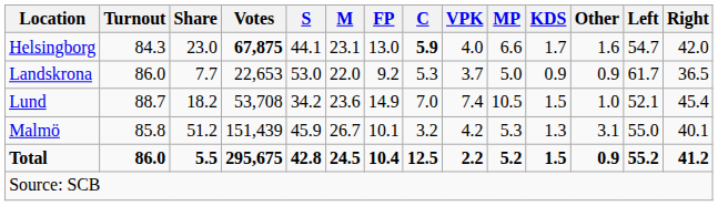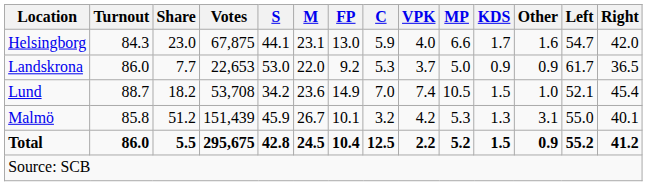 <table class="wikitable sortable" style=text-align:right>
 <tr>
 <th>Location</th>
 <th>Turnout</th>
 <th>Share</th>
 <th>Votes</th>
 <th><a href='#'>S</a></th>
 <th><a href='#'>M</a></th>
 <th><a href='#'>FP</a></th>
 <th><a href='#'>C</a></th>
 <th><a href='#'>VPK</a></th>
 <th><a href='#'>MP</a></th>
 <th><a href='#'>KDS</a></th>
 <th>Other</th>
 <th>Left</th>
 <th>Right</th>
 </tr>
 <tr>
 <td align=left><a href='#'>Helsingborg</a></td>
 <td>84.3</td>
 <td>23.0</td>
-<td><strong>67,875</strong></td>
+<td>67,875</td>
 <td>44.1</td>
 <td>23.1</td>
 <td>13.0</td>
-<td><strong>5.9</strong></td>
+<td>5.9</td>
 <td>4.0</td>
 <td>6.6</td>
 <td>1.7</td>
 <td>1.6</td>
 <td>54.7</td>
 <td>42.0</td>
 </tr>
 <tr>
 <td align=left><a href='#'>Landskrona</a></td>
 <td>86.0</td>
 <td>7.7</td>
 <td>22,653</td>
 <td>53.0</td>
 <td>22.0</td>
 <td>9.2</td>
 <td>5.3</td>
 <td>3.7</td>
 <td>5.0</td>
 <td>0.9</td>
 <td>0.9</td>
 <td>61.7</td>
 <td>36.5</td>
 </tr>
 <tr>
 <td align=left><a href='#'>Lund</a></td>
 <td>88.7</td>
 <td>18.2</td>
 <td>53,708</td>
 <td>34.2</td>
 <td>23.6</td>
 <td>14.9</td>
 <td>7.0</td>
 <td>7.4</td>
 <td>10.5</td>
 <td>1.5</td>
 <td>1.0</td>
 <td>52.1</td>
 <td>45.4</td>
 </tr>
 <tr>
 <td align=left><a href='#'>Malmö</a></td>
 <td>85.8</td>
 <td>51.2</td>
 <td>151,439</td>
 <td>45.9</td>
 <td>26.7</td>
 <td>10.1</td>
 <td>3.2</td>
 <td>4.2</td>
 <td>5.3</td>
 <td>1.3</td>
 <td>3.1</td>
 <td>55.0</td>
 <td>40.1</td>
 </tr>
 <tr>
 <td align=left><strong>Total</strong></td>
 <td><strong>86.0</strong></td>
 <td><strong>5.5</strong></td>
 <td><strong>295,675</strong></td>
 <td><strong>42.8</strong></td>
 <td><strong>24.5</strong></td>
 <td><strong>10.4</strong></td>
 <td><strong>12.5</strong></td>
 <td><strong>2.2</strong></td>
 <td><strong>5.2</strong></td>
 <td><strong>1.5</strong></td>
 <td><strong>0.9</strong></td>
 <td><strong>55.2</strong></td>
 <td><strong>41.2</strong></td>
 </tr>
 <tr>
 <td align=left colspan=14>Source: SCB </td>
 </tr>
 </table>
